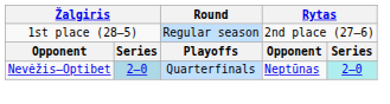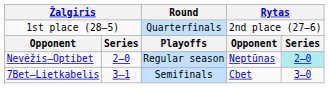 <table class="wikitable" style="text-align:center;">
 <tr>
 <th colspan="2"><a href='#'>Žalgiris</a></th>
 <th>Round</th>
 <th colspan="2"><a href='#'>Rytas</a></th>
 </tr>
 <tr>
 <td colspan="2" style="valign:top;">1st place (28–5)</td>
-<td style="background:#c1e0ff;">Regular season</td>
+<td style="background:#c1e0ff;">Quarterfinals</td>
 <td colspan="2" style="valign:top;">2nd place (27–6)</td>
 </tr>
 <tr>
 <th>Opponent</th>
 <th>Series</th>
 <th>Playoffs</th>
 <th>Opponent</th>
 <th>Series</th>
 </tr>
 <tr>
 <td style="text-align:left;"><a href='#'>Nevėžis–Optibet</a></td>
-<td style="background: lightblue;"><a href='#'>2–0</a></td>
-<td style="background:#c1e0ff;">Quarterfinals</td>
+<td><a href='#'>2–0</a></td>
+<td style="background:#c1e0ff;">Regular season</td>
 <td style="text-align:left;"><a href='#'>Neptūnas</a></td>
 <td style="background: paleturquoise;"><a href='#'>2–0</a></td>
 </tr>
+<tr>
+<td style="text-align:left;"><a href='#'>7Bet–Lietkabelis</a></td>
+<td><a href='#'>3–1</a></td>
+<td style="background:#c1e0ff;">Semifinals</td>
+<td style="text-align:left;"><a href='#'>Cbet</a></td>
+<td><a href='#'>3–0</a></td>
+</tr>
 </table>
